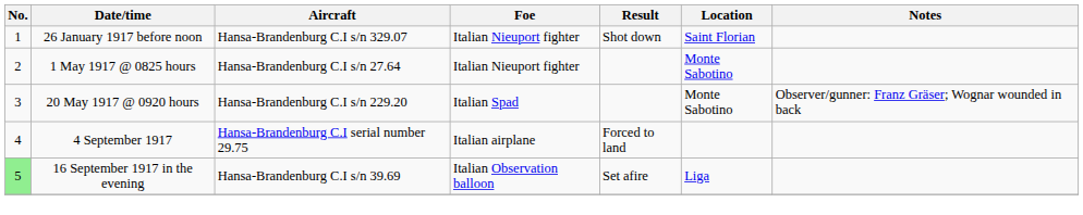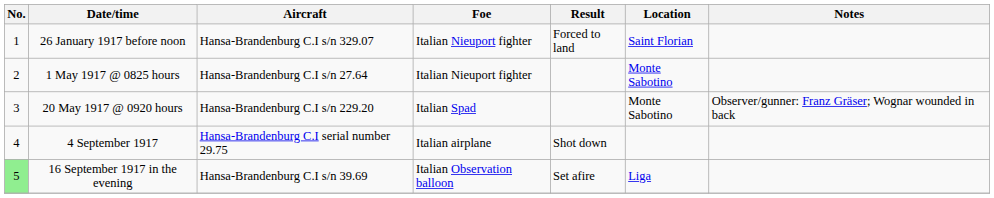 <table class="wikitable" border="1" style="margin: 1em auto 1em auto">
 <tr>
 <th>No.</th>
 <th>Date/time</th>
 <th>Aircraft</th>
 <th>Foe</th>
 <th>Result</th>
 <th>Location</th>
 <th>Notes</th>
 </tr>
 <tr>
 <td align="center">1</td>
 <td align="center">26 January 1917 before noon</td>
 <td>Hansa-Brandenburg C.I s/n 329.07</td>
 <td>Italian <a href='#'>Nieuport</a> fighter</td>
-<td>Shot down</td>
+<td>Forced to land</td>
 <td><a href='#'>Saint Florian</a></td>
 <td></td>
 </tr>
 <tr>
 <td align="center">2</td>
 <td align="center">1 May 1917 @ 0825 hours</td>
 <td>Hansa-Brandenburg C.I s/n 27.64</td>
 <td>Italian Nieuport fighter</td>
 <td></td>
 <td><a href='#'>Monte Sabotino</a></td>
 <td></td>
 </tr>
 <tr>
 <td align="center">3</td>
 <td align="center">20 May 1917 @ 0920 hours</td>
 <td>Hansa-Brandenburg C.I s/n 229.20</td>
 <td>Italian <a href='#'>Spad</a></td>
 <td></td>
 <td>Monte Sabotino</td>
 <td>Observer/gunner: <a href='#'>Franz Gräser</a>; Wognar wounded in back</td>
 </tr>
 <tr>
 <td align="center">4</td>
 <td align="center">4 September 1917</td>
 <td><a href='#'>Hansa-Brandenburg C.I</a> serial number 29.75</td>
 <td>Italian airplane</td>
-<td>Forced to land</td>
+<td>Shot down</td>
 <td></td>
 <td></td>
 </tr>
 <tr>
 <td align="center" style="background: lightgreen;">5</td>
 <td align="center">16 September 1917 in the evening</td>
 <td>Hansa-Brandenburg C.I s/n 39.69</td>
 <td>Italian <a href='#'>Observation balloon</a></td>
 <td>Set afire</td>
 <td><a href='#'>Liga</a></td>
 <td></td>
 </tr>
 <tr>
 </tr>
 </table>
